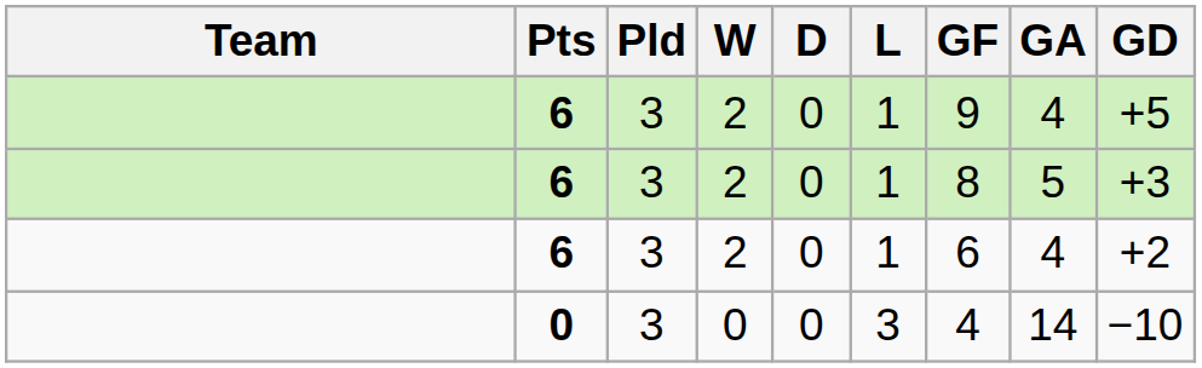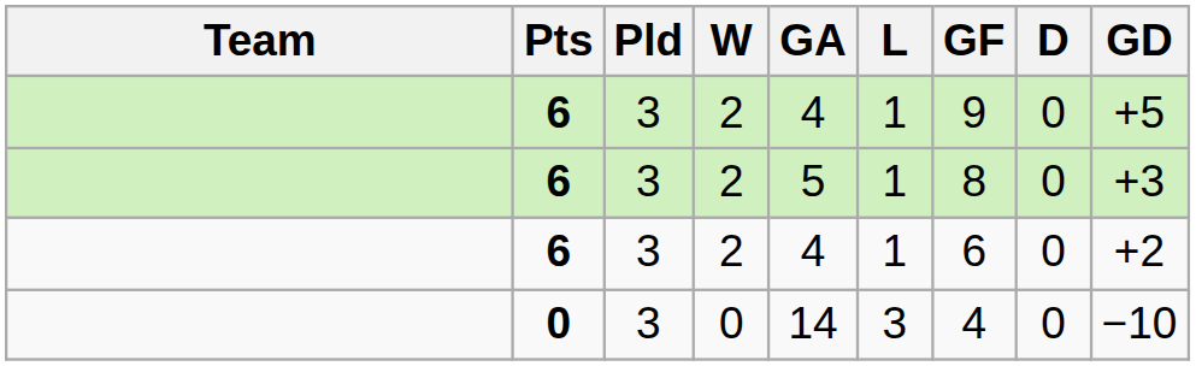 <table class=wikitable style="text-align:center">
 <tr>
 <th width=175>Team</th>
 <th width=20>Pts</th>
 <th width=20>Pld</th>
 <th width=20>W</th>
-<th width=20>D</th>
+<th width=20>GA</th>
 <th width=20>L</th>
 <th width=20>GF</th>
-<th width=20>GA</th>
+<th width=20>D</th>
 <th width=20>GD</th>
 </tr>
 <tr bgcolor="#D0F0C0">
 <td style="text-align:left;"></td>
 <td><strong>6</strong></td>
 <td>3</td>
 <td>2</td>
-<td>0</td>
+<td>4</td>
 <td>1</td>
 <td>9</td>
-<td>4</td>
+<td>0</td>
 <td>+5</td>
 </tr>
 <tr bgcolor="#D0F0C0">
 <td style="text-align:left;"></td>
 <td><strong>6</strong></td>
 <td>3</td>
 <td>2</td>
-<td>0</td>
+<td>5</td>
 <td>1</td>
 <td>8</td>
-<td>5</td>
+<td>0</td>
 <td>+3</td>
 </tr>
 <tr>
 <td style="text-align:left;"></td>
 <td><strong>6</strong></td>
 <td>3</td>
 <td>2</td>
-<td>0</td>
+<td>4</td>
 <td>1</td>
 <td>6</td>
-<td>4</td>
+<td>0</td>
 <td>+2</td>
 </tr>
 <tr>
 <td style="text-align:left;"></td>
 <td><strong>0</strong></td>
 <td>3</td>
 <td>0</td>
-<td>0</td>
+<td>14</td>
 <td>3</td>
 <td>4</td>
-<td>14</td>
+<td>0</td>
 <td>−10</td>
 </tr>
 </table>
